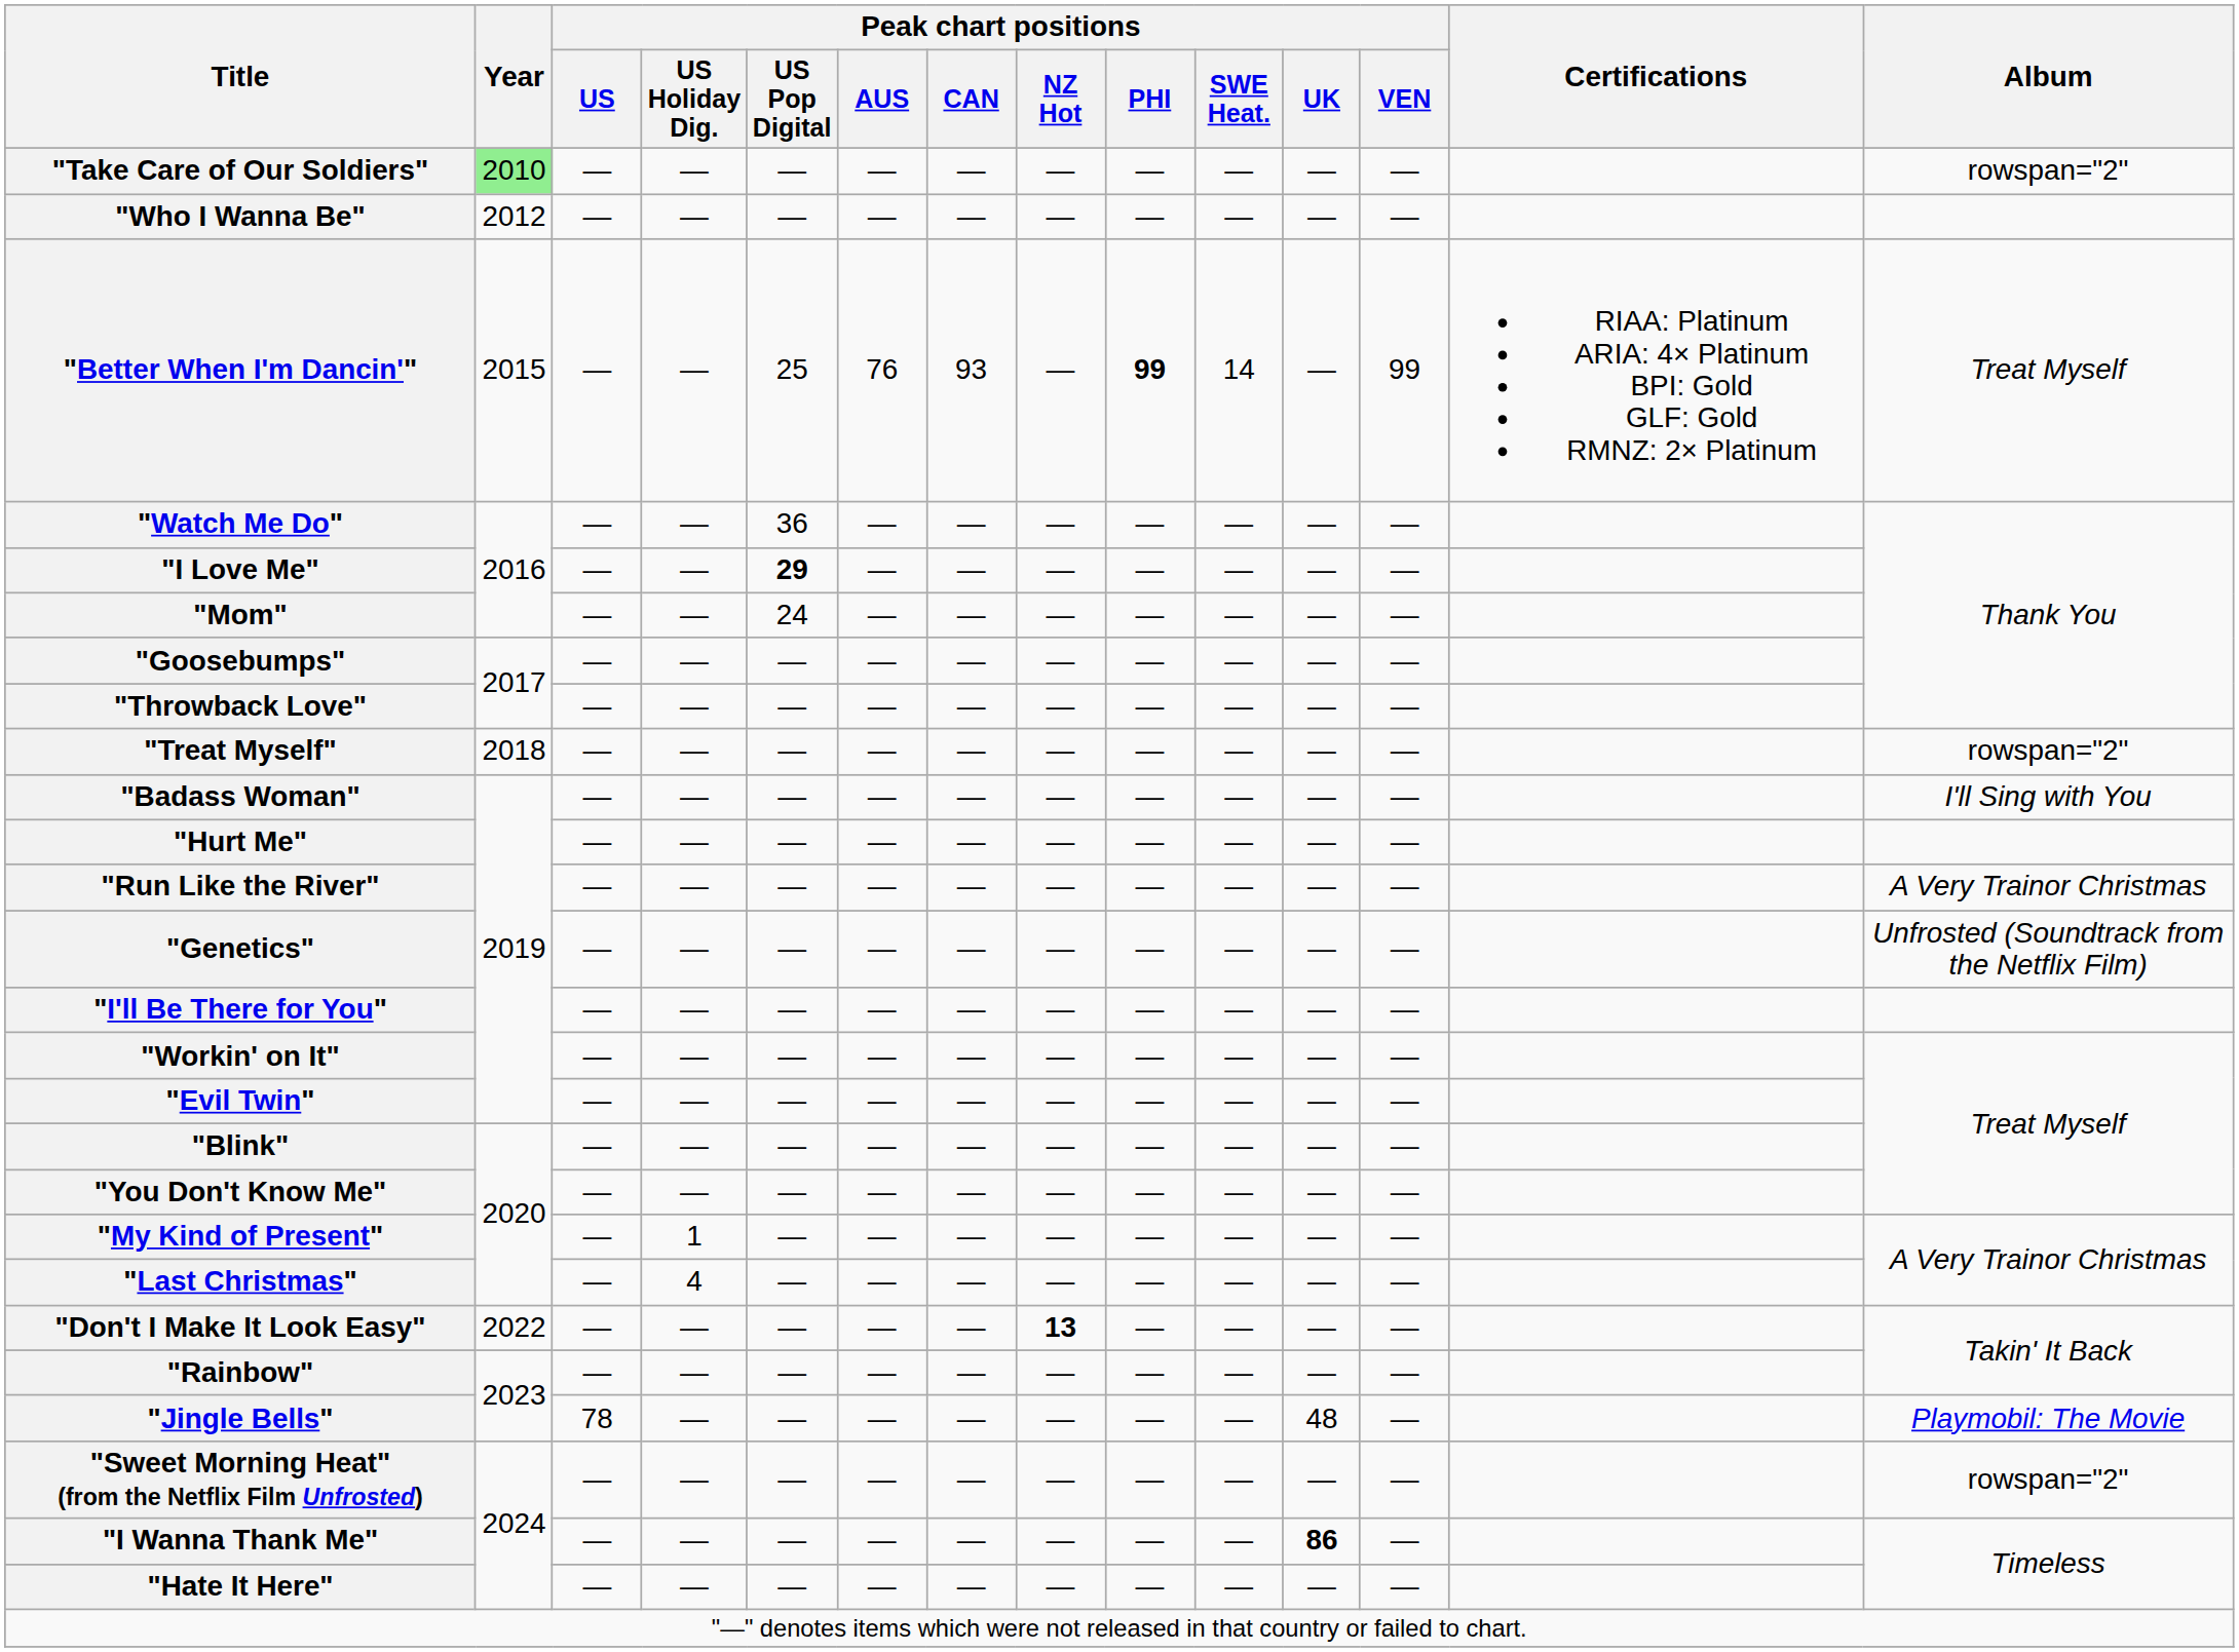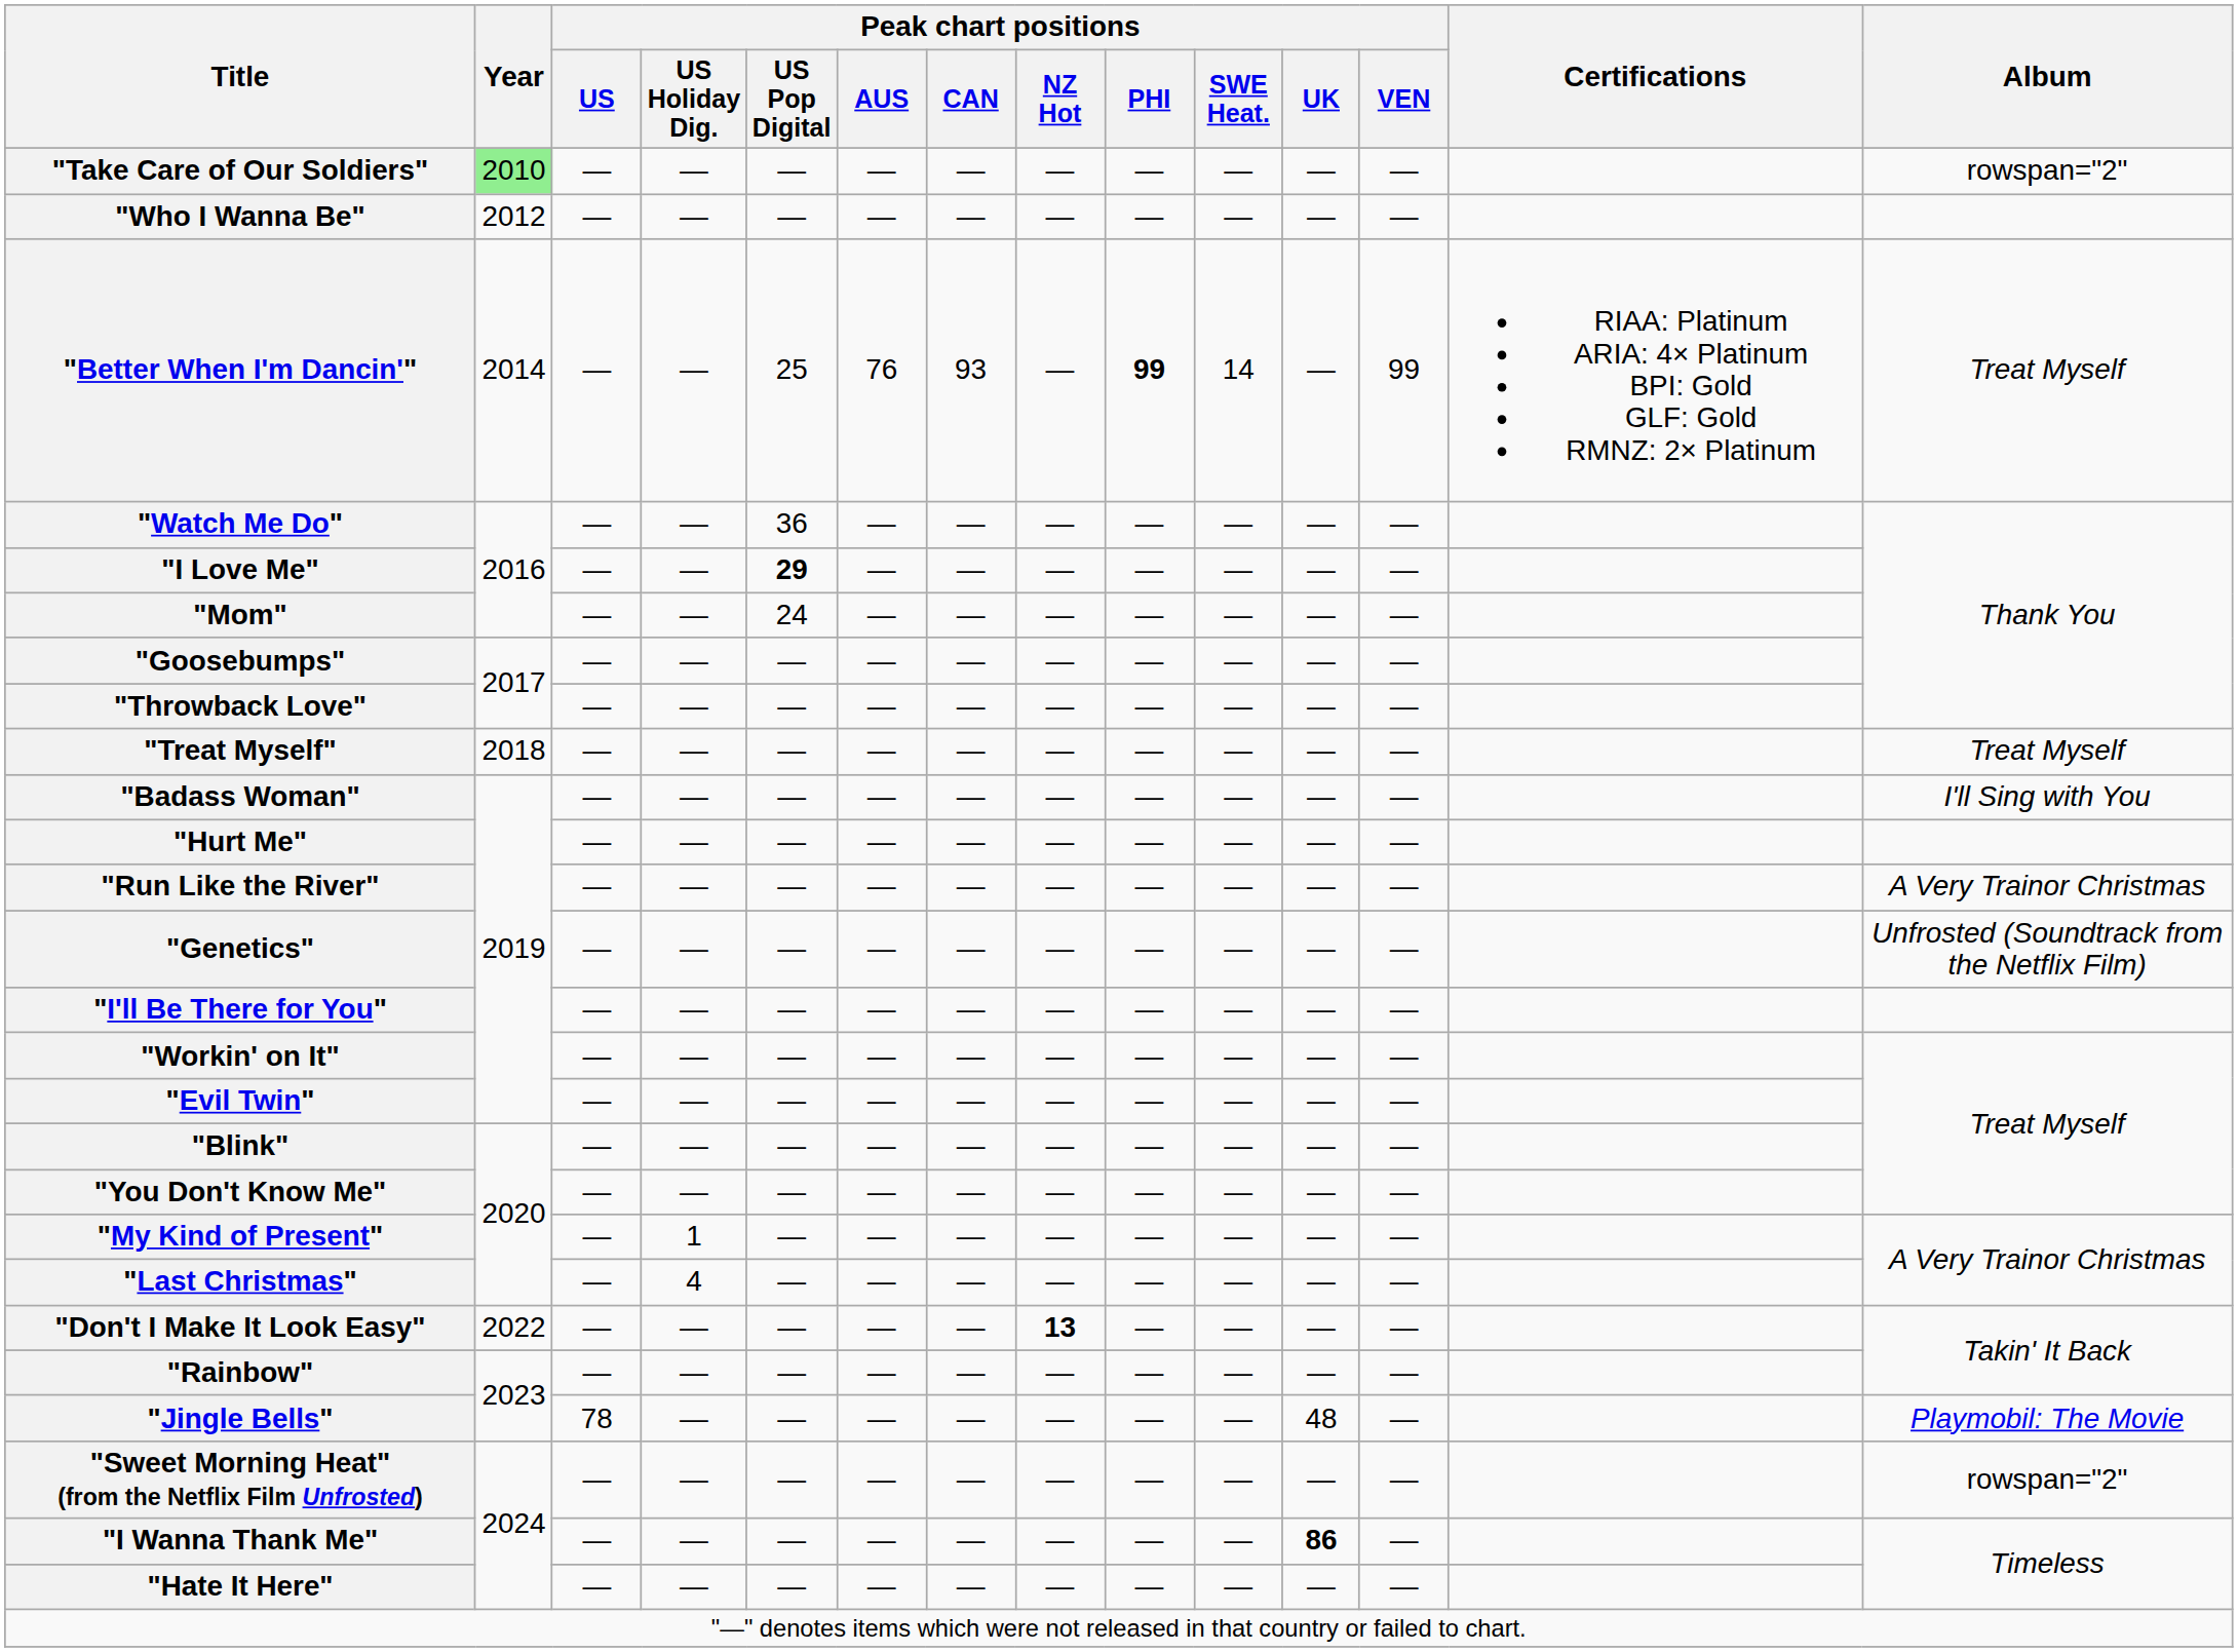 <table class="wikitable plainrowheaders" style="text-align:center;">
 <tr>
 <th scope="col" rowspan="2" style="width:16em;">Title</th>
 <th scope="col" rowspan="2">Year</th>
 <th scope="col" colspan="10">Peak chart positions</th>
 <th scope="col" rowspan="2" style="width:14em;">Certifications</th>
 <th scope="col" rowspan="2">Album</th>
 </tr>
 <tr>
 <th scope="col" style="width:3em;font-size:90%;"><a href='#'>US</a><br></th>
 <th scope="col" style="width:3em;font-size:90%;">US<br>Holiday<br>Dig.<br></th>
 <th scope="col" style="width:3em;font-size:90%;">US<br>Pop<br>Digital<br></th>
 <th scope="col" style="width:3em;font-size:90%;"><a href='#'>AUS</a><br></th>
 <th scope="col" style="width:3em;font-size:90%;"><a href='#'>CAN</a><br></th>
 <th scope="col" style="width:3em;font-size:90%;"><a href='#'>NZ<br>Hot</a><br></th>
 <th scope="col" style="width:3em;font-size:90%;"><a href='#'>PHI</a><br></th>
 <th scope="col" style="width:3em;font-size:90%;"><a href='#'>SWE<br>Heat.</a><br></th>
 <th scope="col" style="width:2.5em;font-size:90%;"><a href='#'>UK</a><br></th>
 <th scope="col" style="width:3em;font-size:90%;"><a href='#'>VEN</a><br></th>
 </tr>
 <tr>
 <th scope="row">"Take Care of Our Soldiers"</th>
 <td style="background: lightgreen;">2010</td>
 <td>—</td>
 <td>—</td>
 <td>—</td>
 <td>—</td>
 <td>—</td>
 <td>—</td>
 <td>—</td>
 <td>—</td>
 <td>—</td>
 <td>—</td>
 <td></td>
 <td>rowspan="2" </td>
 </tr>
 <tr>
 <th scope="row">"Who I Wanna Be"</th>
 <td>2012</td>
 <td>—</td>
 <td>—</td>
 <td>—</td>
 <td>—</td>
 <td>—</td>
 <td>—</td>
 <td>—</td>
 <td>—</td>
 <td>—</td>
 <td>—</td>
 <td></td>
 <td></td>
 </tr>
 <tr>
 <th scope="row">"<a href='#'>Better When I'm Dancin'</a>"</th>
-<td>2015</td>
+<td>2014</td>
 <td>—</td>
 <td>—</td>
 <td>25</td>
 <td>76</td>
 <td>93</td>
 <td>—</td>
 <td><strong>99</strong></td>
 <td>14</td>
 <td>—</td>
 <td>99</td>
 <td><br><ul><li>RIAA: Platinum</li><li>ARIA: 4× Platinum</li><li>BPI: Gold</li><li>GLF: Gold</li><li>RMNZ: 2× Platinum</li></ul></td>
 <td><em>Treat Myself</em></td>
 </tr>
 <tr>
 <th scope="row">"<a href='#'>Watch Me Do</a>"</th>
 <td rowspan="3">2016</td>
 <td>—</td>
 <td>—</td>
 <td>36</td>
 <td>—</td>
 <td>—</td>
 <td>—</td>
 <td>—</td>
 <td>—</td>
 <td>—</td>
 <td>—</td>
 <td></td>
 <td rowspan="5"><em>Thank You</em></td>
 </tr>
 <tr>
 <th scope="row">"I Love Me"<br></th>
 <td>—</td>
 <td>—</td>
 <td><strong>29</strong></td>
 <td>—</td>
 <td>—</td>
 <td>—</td>
 <td>—</td>
 <td>—</td>
 <td>—</td>
 <td>—</td>
 <td></td>
 </tr>
 <tr>
 <th scope="row">"Mom" <br></th>
 <td>—</td>
 <td>—</td>
 <td>24</td>
 <td>—</td>
 <td>—</td>
 <td>—</td>
 <td>—</td>
 <td>—</td>
 <td>—</td>
 <td>—</td>
 <td></td>
 </tr>
 <tr>
 <th scope="row">"Goosebumps"</th>
 <td rowspan="2">2017</td>
 <td>—</td>
 <td>—</td>
 <td>—</td>
 <td>—</td>
 <td>—</td>
 <td>—</td>
 <td>—</td>
 <td>—</td>
 <td>—</td>
 <td>—</td>
 <td></td>
 </tr>
 <tr>
 <th scope="row">"Throwback Love"</th>
 <td>—</td>
 <td>—</td>
 <td>—</td>
 <td>—</td>
 <td>—</td>
 <td>—</td>
 <td>—</td>
 <td>—</td>
 <td>—</td>
 <td>—</td>
 <td></td>
 </tr>
 <tr>
 <th scope="row">"Treat Myself"</th>
 <td>2018</td>
 <td>—</td>
 <td>—</td>
 <td>—</td>
 <td>—</td>
 <td>—</td>
 <td>—</td>
 <td>—</td>
 <td>—</td>
 <td>—</td>
 <td>—</td>
 <td></td>
-<td>rowspan="2" </td>
+<td><em>Treat Myself</em></td>
 </tr>
 <tr>
 <th scope="row">"Badass Woman"</th>
 <td rowspan="7">2019</td>
 <td>—</td>
 <td>—</td>
 <td>—</td>
 <td>—</td>
 <td>—</td>
 <td>—</td>
 <td>—</td>
 <td>—</td>
 <td>—</td>
 <td>—</td>
 <td></td>
 <td><em>I'll Sing with You</em></td>
 </tr>
 <tr>
 <th scope="row">"Hurt Me"</th>
 <td>—</td>
 <td>—</td>
 <td>—</td>
 <td>—</td>
 <td>—</td>
 <td>—</td>
 <td>—</td>
 <td>—</td>
 <td>—</td>
 <td>—</td>
 <td></td>
 </tr>
 <tr>
 <th scope="row">"Run Like the River"</th>
 <td>—</td>
 <td>—</td>
 <td>—</td>
 <td>—</td>
 <td>—</td>
 <td>—</td>
 <td>—</td>
 <td>—</td>
 <td>—</td>
 <td>—</td>
 <td></td>
 <td><em>A Very Trainor Christmas</em></td>
 </tr>
 <tr>
 <th scope="row">"Genetics"</th>
 <td>—</td>
 <td>—</td>
 <td>—</td>
 <td>—</td>
 <td>—</td>
 <td>—</td>
 <td>—</td>
 <td>—</td>
 <td>—</td>
 <td>—</td>
 <td></td>
 <td><em>Unfrosted (Soundtrack from the Netflix Film)</em></td>
 </tr>
 <tr>
 <th scope="row">"<a href='#'>I'll Be There for You</a>"</th>
 <td>—</td>
 <td>—</td>
 <td>—</td>
 <td>—</td>
 <td>—</td>
 <td>—</td>
 <td>—</td>
 <td>—</td>
 <td>—</td>
 <td>—</td>
 <td></td>
 <td></td>
 </tr>
 <tr>
 <th scope="row">"Workin' on It"<br></th>
 <td>—</td>
 <td>—</td>
 <td>—</td>
 <td>—</td>
 <td>—</td>
 <td>—</td>
 <td>—</td>
 <td>—</td>
 <td>—</td>
 <td>—</td>
 <td></td>
 <td rowspan="4"><em>Treat Myself</em></td>
 </tr>
 <tr>
 <th scope="row">"<a href='#'>Evil Twin</a>"</th>
 <td>—</td>
 <td>—</td>
 <td>—</td>
 <td>—</td>
 <td>—</td>
 <td>—</td>
 <td>—</td>
 <td>—</td>
 <td>—</td>
 <td>—</td>
 <td></td>
 </tr>
 <tr>
 <th scope="row">"Blink"</th>
 <td rowspan="4">2020</td>
 <td>—</td>
 <td>—</td>
 <td>—</td>
 <td>—</td>
 <td>—</td>
 <td>—</td>
 <td>—</td>
 <td>—</td>
 <td>—</td>
 <td>—</td>
 <td></td>
 </tr>
 <tr>
 <th scope="row">"You Don't Know Me"</th>
 <td>—</td>
 <td>—</td>
 <td>—</td>
 <td>—</td>
 <td>—</td>
 <td>—</td>
 <td>—</td>
 <td>—</td>
 <td>—</td>
 <td>—</td>
 <td></td>
 </tr>
 <tr>
 <th scope="row">"<a href='#'>My Kind of Present</a>"</th>
 <td>—</td>
 <td>1</td>
 <td>—</td>
 <td>—</td>
 <td>—</td>
 <td>—</td>
 <td>—</td>
 <td>—</td>
 <td>—</td>
 <td>—</td>
 <td></td>
 <td rowspan="2"><em>A Very Trainor Christmas</em></td>
 </tr>
 <tr>
 <th scope="row">"<a href='#'>Last Christmas</a>"</th>
 <td>—</td>
 <td>4</td>
 <td>—</td>
 <td>—</td>
 <td>—</td>
 <td>—</td>
 <td>—</td>
 <td>—</td>
 <td>—</td>
 <td>—</td>
 <td></td>
 </tr>
 <tr>
 <th scope="row">"Don't I Make It Look Easy"</th>
 <td>2022</td>
 <td>—</td>
 <td>—</td>
 <td>—</td>
 <td>—</td>
 <td>—</td>
 <td><strong>13</strong></td>
 <td>—</td>
 <td>—</td>
 <td>—</td>
 <td>—</td>
 <td></td>
 <td rowspan="2"><em>Takin' It Back</em></td>
 </tr>
 <tr>
 <th scope="row">"Rainbow"</th>
 <td rowspan="2">2023</td>
 <td>—</td>
 <td>—</td>
 <td>—</td>
 <td>—</td>
 <td>—</td>
 <td>—</td>
 <td>—</td>
 <td>—</td>
 <td>—</td>
 <td>—</td>
 <td></td>
 </tr>
 <tr>
 <th scope="row">"<a href='#'>Jingle Bells</a>"</th>
 <td>78</td>
 <td>—</td>
 <td>—</td>
 <td>—</td>
 <td>—</td>
 <td>—</td>
 <td>—</td>
 <td>—</td>
 <td>48</td>
 <td>—</td>
 <td></td>
 <td><em><a href='#'>Playmobil: The Movie</a></em></td>
 </tr>
 <tr>
 <th scope="row">"Sweet Morning Heat"<br><small>(from the Netflix Film <em><a href='#'>Unfrosted</a></em>)</small><br></th>
 <td rowspan="3">2024</td>
 <td>—</td>
 <td>—</td>
 <td>—</td>
 <td>—</td>
 <td>—</td>
 <td>—</td>
 <td>—</td>
 <td>—</td>
 <td>—</td>
 <td>—</td>
 <td></td>
 <td>rowspan="2" </td>
 </tr>
 <tr>
 <th scope="row">"I Wanna Thank Me"<br></th>
 <td>—</td>
 <td>—</td>
 <td>—</td>
 <td>—</td>
 <td>—</td>
 <td>—</td>
 <td>—</td>
 <td>—</td>
 <td><strong>86</strong></td>
 <td>—</td>
 <td></td>
 <td rowspan="2"><em>Timeless</em></td>
 </tr>
 <tr>
 <th scope="row">"Hate It Here"</th>
 <td>—</td>
 <td>—</td>
 <td>—</td>
 <td>—</td>
 <td>—</td>
 <td>—</td>
 <td>—</td>
 <td>—</td>
 <td>—</td>
 <td>—</td>
 </tr>
 <tr>
 <td colspan="15" align="center" style="font-size:85%">"—" denotes items which were not released in that country or failed to chart.</td>
 </tr>
 </table>
